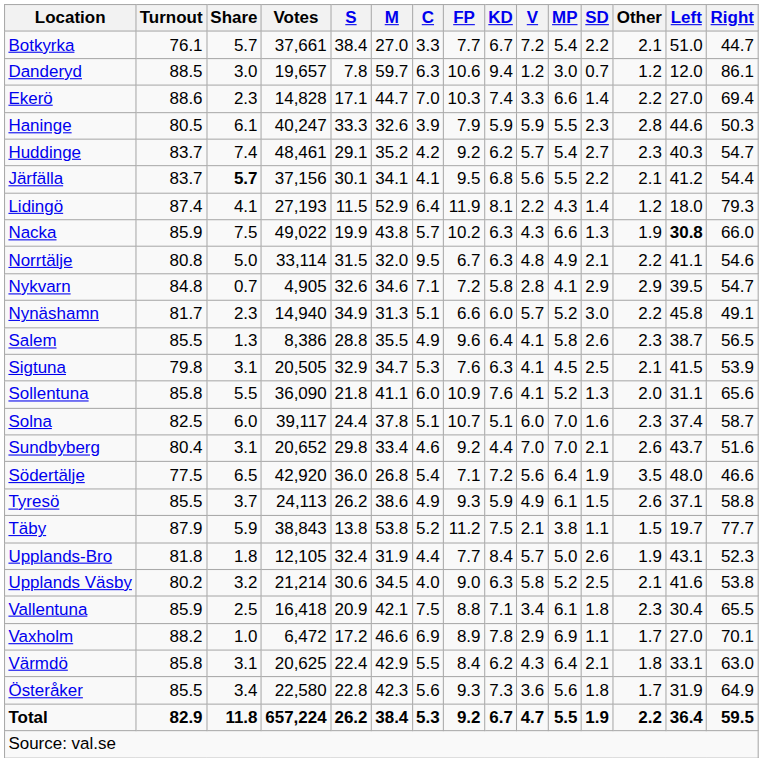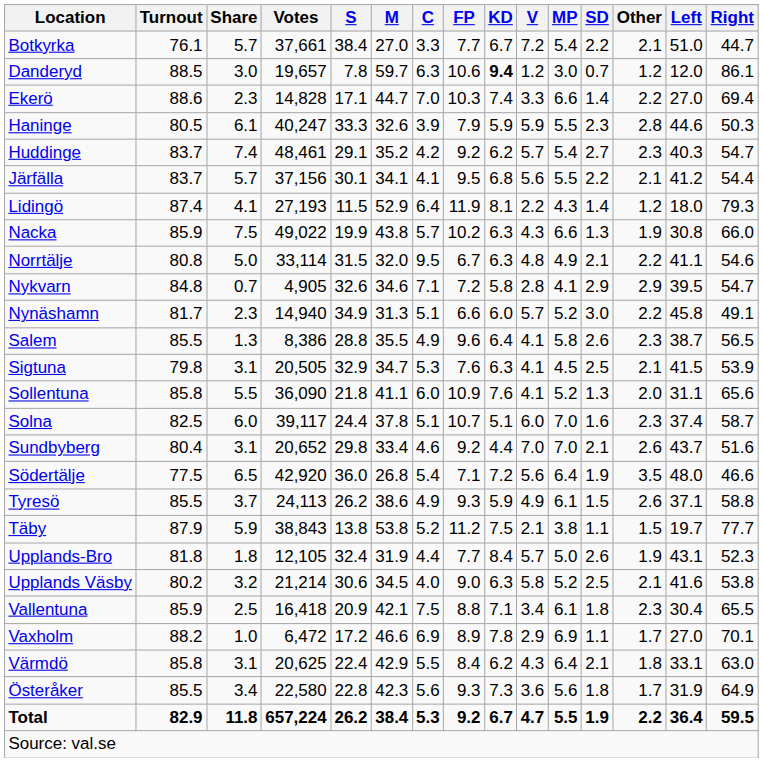 <table class="wikitable sortable" style=text-align:right>
 <tr>
 <th>Location</th>
 <th>Turnout</th>
 <th>Share</th>
 <th>Votes</th>
 <th><a href='#'>S</a></th>
 <th><a href='#'>M</a></th>
 <th><a href='#'>C</a></th>
 <th><a href='#'>FP</a></th>
 <th><a href='#'>KD</a></th>
 <th><a href='#'>V</a></th>
 <th><a href='#'>MP</a></th>
 <th><a href='#'>SD</a></th>
 <th>Other</th>
 <th><a href='#'>Left</a></th>
 <th><a href='#'>Right</a></th>
 </tr>
 <tr>
 <td align=left><a href='#'>Botkyrka</a></td>
 <td>76.1</td>
 <td>5.7</td>
 <td>37,661</td>
 <td>38.4</td>
 <td>27.0</td>
 <td>3.3</td>
 <td>7.7</td>
 <td>6.7</td>
 <td>7.2</td>
 <td>5.4</td>
 <td>2.2</td>
 <td>2.1</td>
 <td>51.0</td>
 <td>44.7</td>
 </tr>
 <tr>
 <td align=left><a href='#'>Danderyd</a></td>
 <td>88.5</td>
 <td>3.0</td>
 <td>19,657</td>
 <td>7.8</td>
 <td>59.7</td>
 <td>6.3</td>
 <td>10.6</td>
-<td>9.4</td>
+<td><strong>9.4</strong></td>
 <td>1.2</td>
 <td>3.0</td>
 <td>0.7</td>
 <td>1.2</td>
 <td>12.0</td>
 <td>86.1</td>
 </tr>
 <tr>
 <td align=left><a href='#'>Ekerö</a></td>
 <td>88.6</td>
 <td>2.3</td>
 <td>14,828</td>
 <td>17.1</td>
 <td>44.7</td>
 <td>7.0</td>
 <td>10.3</td>
 <td>7.4</td>
 <td>3.3</td>
 <td>6.6</td>
 <td>1.4</td>
 <td>2.2</td>
 <td>27.0</td>
 <td>69.4</td>
 </tr>
 <tr>
 <td align=left><a href='#'>Haninge</a></td>
 <td>80.5</td>
 <td>6.1</td>
 <td>40,247</td>
 <td>33.3</td>
 <td>32.6</td>
 <td>3.9</td>
 <td>7.9</td>
 <td>5.9</td>
 <td>5.9</td>
 <td>5.5</td>
 <td>2.3</td>
 <td>2.8</td>
 <td>44.6</td>
 <td>50.3</td>
 </tr>
 <tr>
 <td align=left><a href='#'>Huddinge</a></td>
 <td>83.7</td>
 <td>7.4</td>
 <td>48,461</td>
 <td>29.1</td>
 <td>35.2</td>
 <td>4.2</td>
 <td>9.2</td>
 <td>6.2</td>
 <td>5.7</td>
 <td>5.4</td>
 <td>2.7</td>
 <td>2.3</td>
 <td>40.3</td>
 <td>54.7</td>
 </tr>
 <tr>
 <td align=left><a href='#'>Järfälla</a></td>
 <td>83.7</td>
-<td><strong>5.7</strong></td>
+<td>5.7</td>
 <td>37,156</td>
 <td>30.1</td>
 <td>34.1</td>
 <td>4.1</td>
 <td>9.5</td>
 <td>6.8</td>
 <td>5.6</td>
 <td>5.5</td>
 <td>2.2</td>
 <td>2.1</td>
 <td>41.2</td>
 <td>54.4</td>
 </tr>
 <tr>
 <td align=left><a href='#'>Lidingö</a></td>
 <td>87.4</td>
 <td>4.1</td>
 <td>27,193</td>
 <td>11.5</td>
 <td>52.9</td>
 <td>6.4</td>
 <td>11.9</td>
 <td>8.1</td>
 <td>2.2</td>
 <td>4.3</td>
 <td>1.4</td>
 <td>1.2</td>
 <td>18.0</td>
 <td>79.3</td>
 </tr>
 <tr>
 <td align=left><a href='#'>Nacka</a></td>
 <td>85.9</td>
 <td>7.5</td>
 <td>49,022</td>
 <td>19.9</td>
 <td>43.8</td>
 <td>5.7</td>
 <td>10.2</td>
 <td>6.3</td>
 <td>4.3</td>
 <td>6.6</td>
 <td>1.3</td>
 <td>1.9</td>
-<td><strong>30.8</strong></td>
+<td>30.8</td>
 <td>66.0</td>
 </tr>
 <tr>
 <td align=left><a href='#'>Norrtälje</a></td>
 <td>80.8</td>
 <td>5.0</td>
 <td>33,114</td>
 <td>31.5</td>
 <td>32.0</td>
 <td>9.5</td>
 <td>6.7</td>
 <td>6.3</td>
 <td>4.8</td>
 <td>4.9</td>
 <td>2.1</td>
 <td>2.2</td>
 <td>41.1</td>
 <td>54.6</td>
 </tr>
 <tr>
 <td align=left><a href='#'>Nykvarn</a></td>
 <td>84.8</td>
 <td>0.7</td>
 <td>4,905</td>
 <td>32.6</td>
 <td>34.6</td>
 <td>7.1</td>
 <td>7.2</td>
 <td>5.8</td>
 <td>2.8</td>
 <td>4.1</td>
 <td>2.9</td>
 <td>2.9</td>
 <td>39.5</td>
 <td>54.7</td>
 </tr>
 <tr>
 <td align=left><a href='#'>Nynäshamn</a></td>
 <td>81.7</td>
 <td>2.3</td>
 <td>14,940</td>
 <td>34.9</td>
 <td>31.3</td>
 <td>5.1</td>
 <td>6.6</td>
 <td>6.0</td>
 <td>5.7</td>
 <td>5.2</td>
 <td>3.0</td>
 <td>2.2</td>
 <td>45.8</td>
 <td>49.1</td>
 </tr>
 <tr>
 <td align=left><a href='#'>Salem</a></td>
 <td>85.5</td>
 <td>1.3</td>
 <td>8,386</td>
 <td>28.8</td>
 <td>35.5</td>
 <td>4.9</td>
 <td>9.6</td>
 <td>6.4</td>
 <td>4.1</td>
 <td>5.8</td>
 <td>2.6</td>
 <td>2.3</td>
 <td>38.7</td>
 <td>56.5</td>
 </tr>
 <tr>
 <td align=left><a href='#'>Sigtuna</a></td>
 <td>79.8</td>
 <td>3.1</td>
 <td>20,505</td>
 <td>32.9</td>
 <td>34.7</td>
 <td>5.3</td>
 <td>7.6</td>
 <td>6.3</td>
 <td>4.1</td>
 <td>4.5</td>
 <td>2.5</td>
 <td>2.1</td>
 <td>41.5</td>
 <td>53.9</td>
 </tr>
 <tr>
 <td align=left><a href='#'>Sollentuna</a></td>
 <td>85.8</td>
 <td>5.5</td>
 <td>36,090</td>
 <td>21.8</td>
 <td>41.1</td>
 <td>6.0</td>
 <td>10.9</td>
 <td>7.6</td>
 <td>4.1</td>
 <td>5.2</td>
 <td>1.3</td>
 <td>2.0</td>
 <td>31.1</td>
 <td>65.6</td>
 </tr>
 <tr>
 <td align=left><a href='#'>Solna</a></td>
 <td>82.5</td>
 <td>6.0</td>
 <td>39,117</td>
 <td>24.4</td>
 <td>37.8</td>
 <td>5.1</td>
 <td>10.7</td>
 <td>5.1</td>
 <td>6.0</td>
 <td>7.0</td>
 <td>1.6</td>
 <td>2.3</td>
 <td>37.4</td>
 <td>58.7</td>
 </tr>
 <tr>
 <td align=left><a href='#'>Sundbyberg</a></td>
 <td>80.4</td>
 <td>3.1</td>
 <td>20,652</td>
 <td>29.8</td>
 <td>33.4</td>
 <td>4.6</td>
 <td>9.2</td>
 <td>4.4</td>
 <td>7.0</td>
 <td>7.0</td>
 <td>2.1</td>
 <td>2.6</td>
 <td>43.7</td>
 <td>51.6</td>
 </tr>
 <tr>
 <td align=left><a href='#'>Södertälje</a></td>
 <td>77.5</td>
 <td>6.5</td>
 <td>42,920</td>
 <td>36.0</td>
 <td>26.8</td>
 <td>5.4</td>
 <td>7.1</td>
 <td>7.2</td>
 <td>5.6</td>
 <td>6.4</td>
 <td>1.9</td>
 <td>3.5</td>
 <td>48.0</td>
 <td>46.6</td>
 </tr>
 <tr>
 <td align=left><a href='#'>Tyresö</a></td>
 <td>85.5</td>
 <td>3.7</td>
 <td>24,113</td>
 <td>26.2</td>
 <td>38.6</td>
 <td>4.9</td>
 <td>9.3</td>
 <td>5.9</td>
 <td>4.9</td>
 <td>6.1</td>
 <td>1.5</td>
 <td>2.6</td>
 <td>37.1</td>
 <td>58.8</td>
 </tr>
 <tr>
 <td align=left><a href='#'>Täby</a></td>
 <td>87.9</td>
 <td>5.9</td>
 <td>38,843</td>
 <td>13.8</td>
 <td>53.8</td>
 <td>5.2</td>
 <td>11.2</td>
 <td>7.5</td>
 <td>2.1</td>
 <td>3.8</td>
 <td>1.1</td>
 <td>1.5</td>
 <td>19.7</td>
 <td>77.7</td>
 </tr>
 <tr>
 <td align=left><a href='#'>Upplands-Bro</a></td>
 <td>81.8</td>
 <td>1.8</td>
 <td>12,105</td>
 <td>32.4</td>
 <td>31.9</td>
 <td>4.4</td>
 <td>7.7</td>
 <td>8.4</td>
 <td>5.7</td>
 <td>5.0</td>
 <td>2.6</td>
 <td>1.9</td>
 <td>43.1</td>
 <td>52.3</td>
 </tr>
 <tr>
 <td align=left><a href='#'>Upplands Väsby</a></td>
 <td>80.2</td>
 <td>3.2</td>
 <td>21,214</td>
 <td>30.6</td>
 <td>34.5</td>
 <td>4.0</td>
 <td>9.0</td>
 <td>6.3</td>
 <td>5.8</td>
 <td>5.2</td>
 <td>2.5</td>
 <td>2.1</td>
 <td>41.6</td>
 <td>53.8</td>
 </tr>
 <tr>
 <td align=left><a href='#'>Vallentuna</a></td>
 <td>85.9</td>
 <td>2.5</td>
 <td>16,418</td>
 <td>20.9</td>
 <td>42.1</td>
 <td>7.5</td>
 <td>8.8</td>
 <td>7.1</td>
 <td>3.4</td>
 <td>6.1</td>
 <td>1.8</td>
 <td>2.3</td>
 <td>30.4</td>
 <td>65.5</td>
 </tr>
 <tr>
 <td align=left><a href='#'>Vaxholm</a></td>
 <td>88.2</td>
 <td>1.0</td>
 <td>6,472</td>
 <td>17.2</td>
 <td>46.6</td>
 <td>6.9</td>
 <td>8.9</td>
 <td>7.8</td>
 <td>2.9</td>
 <td>6.9</td>
 <td>1.1</td>
 <td>1.7</td>
 <td>27.0</td>
 <td>70.1</td>
 </tr>
 <tr>
 <td align=left><a href='#'>Värmdö</a></td>
 <td>85.8</td>
 <td>3.1</td>
 <td>20,625</td>
 <td>22.4</td>
 <td>42.9</td>
 <td>5.5</td>
 <td>8.4</td>
 <td>6.2</td>
 <td>4.3</td>
 <td>6.4</td>
 <td>2.1</td>
 <td>1.8</td>
 <td>33.1</td>
 <td>63.0</td>
 </tr>
 <tr>
 <td align=left><a href='#'>Österåker</a></td>
 <td>85.5</td>
 <td>3.4</td>
 <td>22,580</td>
 <td>22.8</td>
 <td>42.3</td>
 <td>5.6</td>
 <td>9.3</td>
 <td>7.3</td>
 <td>3.6</td>
 <td>5.6</td>
 <td>1.8</td>
 <td>1.7</td>
 <td>31.9</td>
 <td>64.9</td>
 </tr>
 <tr>
 <td align=left><strong>Total</strong></td>
 <td><strong>82.9</strong></td>
 <td><strong>11.8</strong></td>
 <td><strong>657,224</strong></td>
 <td><strong>26.2</strong></td>
 <td><strong>38.4</strong></td>
 <td><strong>5.3</strong></td>
 <td><strong>9.2</strong></td>
 <td><strong>6.7</strong></td>
 <td><strong>4.7</strong></td>
 <td><strong>5.5</strong></td>
 <td><strong>1.9</strong></td>
 <td><strong>2.2</strong></td>
 <td><strong>36.4</strong></td>
 <td><strong>59.5</strong></td>
 </tr>
 <tr>
 <td align=left colspan=15>Source: val.se </td>
 </tr>
 </table>
